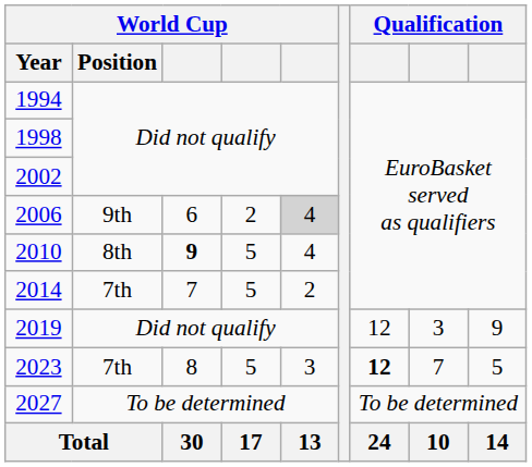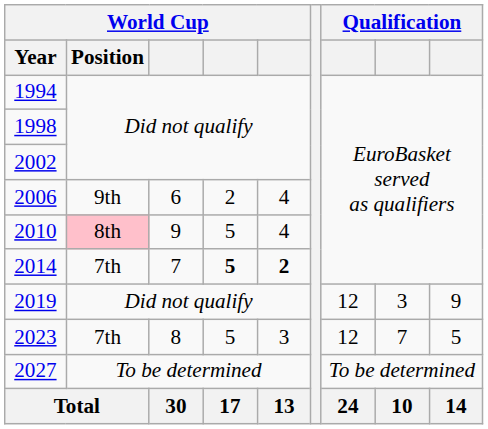 <table class="wikitable" style="text-align: center;font-size:90%;">
 <tr>
 <th colspan=5><a href='#'>World Cup</a></th>
 <th rowspan=12></th>
 <th colspan=3><a href='#'>Qualification</a></th>
 </tr>
 <tr>
 <th width=35>Year</th>
 <th>Position</th>
 <th width=30></th>
 <th width=30></th>
 <th width=30></th>
 <th width=30></th>
 <th width=30></th>
 <th width=30></th>
 </tr>
 <tr>
 <td><a href='#'>1994</a></td>
 <td colspan=4 rowspan=3><em>Did not qualify</em></td>
 <td colspan=3 rowspan=6><em>EuroBasket served<br>as qualifiers</em></td>
 </tr>
 <tr>
 <td><a href='#'>1998</a></td>
 </tr>
 <tr>
 <td><a href='#'>2002</a></td>
 </tr>
 <tr>
 <td><a href='#'>2006</a></td>
 <td>9th</td>
 <td>6</td>
 <td>2</td>
-<td style="background: lightgrey;">4</td>
+<td>4</td>
 </tr>
 <tr>
 <td><a href='#'>2010</a></td>
-<td>8th</td>
-<td><strong>9</strong></td>
+<td style="background: pink;">8th</td>
+<td>9</td>
 <td>5</td>
 <td>4</td>
 </tr>
 <tr>
 <td><a href='#'>2014</a></td>
 <td>7th</td>
 <td>7</td>
-<td>5</td>
-<td>2</td>
+<td><strong>5</strong></td>
+<td><strong>2</strong></td>
 </tr>
 <tr>
 <td><a href='#'>2019</a></td>
 <td colspan=4><em>Did not qualify</em></td>
 <td>12</td>
 <td>3</td>
 <td>9</td>
 </tr>
 <tr>
 <td><a href='#'>2023</a></td>
 <td>7th</td>
 <td>8</td>
 <td>5</td>
 <td>3</td>
-<td><strong>12</strong></td>
+<td>12</td>
 <td>7</td>
 <td>5</td>
 </tr>
 <tr>
 <td><a href='#'>2027</a></td>
 <td colspan=4><em>To be determined</em></td>
 <td colspan=3><em>To be determined</em></td>
 </tr>
 <tr>
 <th colspan=2>Total</th>
 <th>30</th>
 <th>17</th>
 <th>13</th>
 <th>24</th>
 <th>10</th>
 <th>14</th>
 </tr>
 </table>
